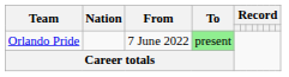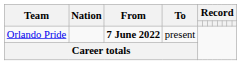 <table class="wikitable" style="text-align: center">
 <tr>
 <th rowspan="2">Team</th>
 <th rowspan="2">Nation</th>
 <th rowspan="2">From</th>
 <th rowspan="2">To</th>
 <th colspan="8">Record</th>
 </tr>
 <tr>
 <th></th>
 <th></th>
 <th></th>
 <th></th>
 <th></th>
 <th></th>
 <th></th>
 <th></th>
 </tr>
 <tr>
 <td align="left"><a href='#'>Orlando Pride</a></td>
 <td align="left"></td>
-<td>7 June 2022</td>
-<td style="background: lightgreen;">present<br></td>
+<td><strong>7 June 2022</strong></td>
+<td>present<br></td>
 </tr>
 <tr>
 <th colspan="4">Career totals<br></th>
 </tr>
 </table>
